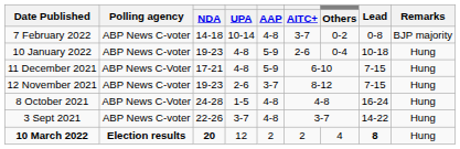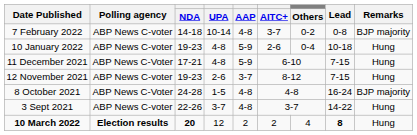 <table class="wikitable sortable" style="text-align:center; font-size:95%">
 <tr>
 <th rowspan="2">Date Published</th>
 <th rowspan="2">Polling agency</th>
 <th style="background:"></th>
 <th style="background:"></th>
 <th style="background:"></th>
 <th style="background:"></th>
 <th style="background:gray;"></th>
 <th rowspan="2">Lead</th>
 <th rowspan="2">Remarks</th>
 </tr>
 <tr>
 <th><a href='#'>NDA</a></th>
 <th><a href='#'>UPA</a></th>
 <th><a href='#'>AAP</a></th>
 <th><a href='#'>AITC+</a></th>
 <th>Others</th>
 </tr>
 <tr>
 <td>7 February 2022</td>
 <td>ABP News C-voter</td>
 <td style="background:">14-18</td>
 <td>10-14</td>
 <td>4-8</td>
 <td>3-7</td>
 <td>0-2</td>
 <td style="background:">0-8</td>
 <td>BJP majority</td>
 </tr>
 <tr>
 <td>10 January 2022</td>
 <td>ABP News C-voter</td>
 <td style="background:">19-23</td>
 <td>4-8</td>
 <td>5-9</td>
 <td>2-6</td>
 <td>0-4</td>
 <td style="background:">10-18</td>
 <td>Hung</td>
 </tr>
 <tr>
 <td>11 December 2021</td>
 <td>ABP News C-Voter</td>
 <td style="background:">17-21</td>
 <td>4-8</td>
 <td>5-9</td>
 <td colspan="2">6-10</td>
 <td style="background:">7-15</td>
 <td>Hung</td>
 </tr>
 <tr>
 <td>12 November 2021</td>
 <td>ABP News C-voter</td>
 <td style="background:">19-23</td>
 <td>2-6</td>
 <td>3-7</td>
 <td colspan="2">8-12</td>
 <td style="background:">7-15</td>
 <td>Hung</td>
 </tr>
 <tr>
 <td>8 October 2021</td>
 <td>ABP News C-Voter</td>
 <td style="background:">24-28</td>
 <td>1-5</td>
 <td>4-8</td>
 <td colspan="2">4-8</td>
 <td style="background:">16-24</td>
-<td>Hung</td>
+<td>BJP majority</td>
 </tr>
 <tr>
 <td>3 Sept 2021</td>
 <td>ABP News C-voter</td>
 <td style="background:">22-26</td>
 <td>3-7</td>
 <td>4-8</td>
 <td colspan="2">3-7</td>
 <td style="background:">14-22</td>
 <td>Hung</td>
 </tr>
 <tr>
 <td style="background:"><strong>10 March 2022</strong></td>
 <td style="background:"><strong>Election results</strong></td>
 <td><strong>20</strong></td>
 <td style="background:">12</td>
 <td style="background:">2</td>
 <td style="background:">2</td>
 <td style="background:">4</td>
 <td><strong>8</strong></td>
 <td style="background:">Hung</td>
 </tr>
 </table>
